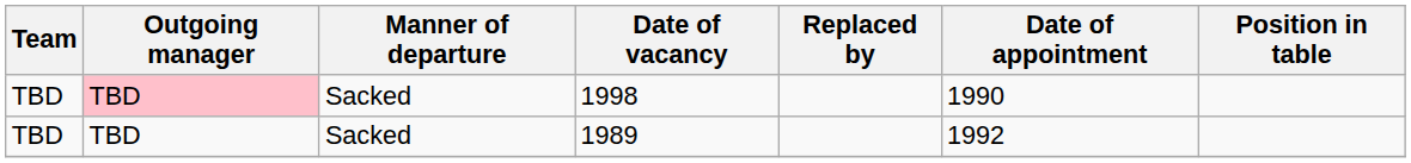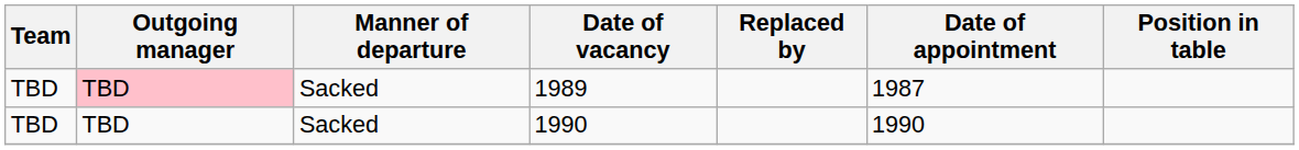 <table class="wikitable">
 <tr>
 <th>Team</th>
 <th>Outgoing manager</th>
 <th>Manner of departure</th>
 <th>Date of vacancy</th>
 <th>Replaced by</th>
 <th>Date of appointment</th>
 <th>Position in table</th>
 </tr>
 <tr>
 <td>TBD</td>
 <td style="background: pink;"> TBD</td>
 <td>Sacked</td>
-<td>1998</td>
+<td>1989</td>
 <td></td>
-<td>1990</td>
+<td>1987</td>
 <td></td>
 </tr>
 <tr>
 <td>TBD</td>
 <td> TBD</td>
 <td>Sacked</td>
-<td>1989</td>
+<td>1990</td>
 <td></td>
-<td>1992</td>
+<td>1990</td>
 <td></td>
 </tr>
 <tr>
 </tr>
 </table>
